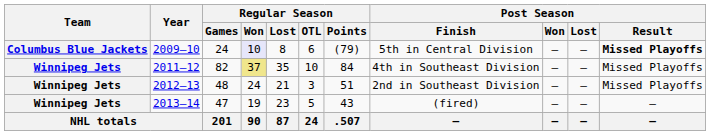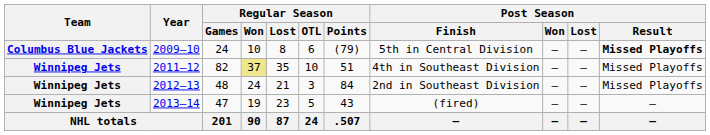 <table class="wikitable" style="font-size: 95%; text-align:center;">
 <tr>
 <th rowspan="2">Team</th>
 <th rowspan="2">Year</th>
 <th colspan="5">Regular Season</th>
 <th colspan="4">Post Season</th>
 </tr>
 <tr>
 <th>Games</th>
 <th>Won</th>
 <th>Lost</th>
 <th>OTL</th>
 <th>Points</th>
 <th>Finish</th>
 <th>Won</th>
 <th>Lost</th>
 <th>Result</th>
 </tr>
 <tr>
 <th><a href='#'>Columbus Blue Jackets</a></th>
 <td><a href='#'>2009–10</a></td>
 <td>24</td>
-<td style="background: lavender;">10</td>
+<td>10</td>
 <td>8</td>
 <td>6</td>
 <td>(79)</td>
 <td>5th in Central Division</td>
 <td>—</td>
 <td>—</td>
 <td><strong>Missed Playoffs</strong></td>
 </tr>
 <tr>
 <th><a href='#'>Winnipeg Jets</a></th>
 <td><a href='#'>2011–12</a></td>
 <td>82</td>
 <td style="background: khaki;">37</td>
 <td>35</td>
 <td>10</td>
-<td>84</td>
+<td>51</td>
 <td>4th in Southeast Division</td>
 <td>—</td>
 <td>—</td>
 <td>Missed Playoffs</td>
 </tr>
 <tr>
 <th>Winnipeg Jets</th>
 <td><a href='#'>2012–13</a></td>
 <td>48</td>
 <td>24</td>
 <td>21</td>
 <td>3</td>
-<td>51</td>
+<td>84</td>
 <td>2nd in Southeast Division</td>
 <td>—</td>
 <td>—</td>
 <td>Missed Playoffs</td>
 </tr>
 <tr>
 <th>Winnipeg Jets</th>
 <td><a href='#'>2013–14</a></td>
 <td>47</td>
 <td>19</td>
 <td>23</td>
 <td>5</td>
 <td>43</td>
 <td>(fired)</td>
 <td>—</td>
 <td>—</td>
 <td>—</td>
 </tr>
 <tr>
 <th colspan="2">NHL totals</th>
 <th>201</th>
 <th>90</th>
 <th>87</th>
 <th>24</th>
 <th>.507</th>
 <th>—</th>
 <th>—</th>
 <th>—</th>
 <th>—</th>
 </tr>
 </table>
